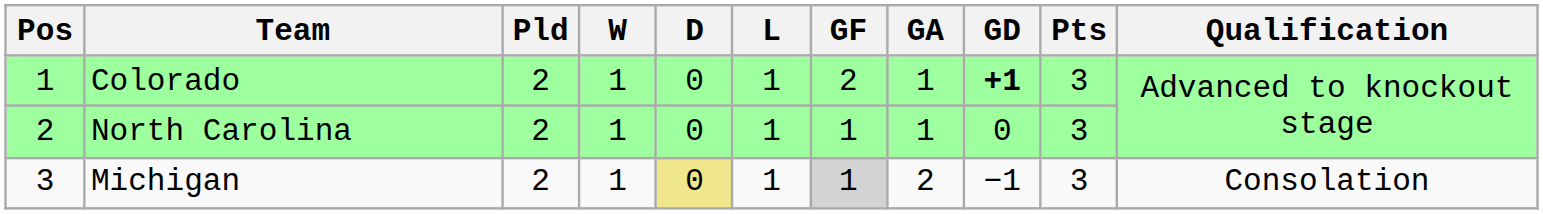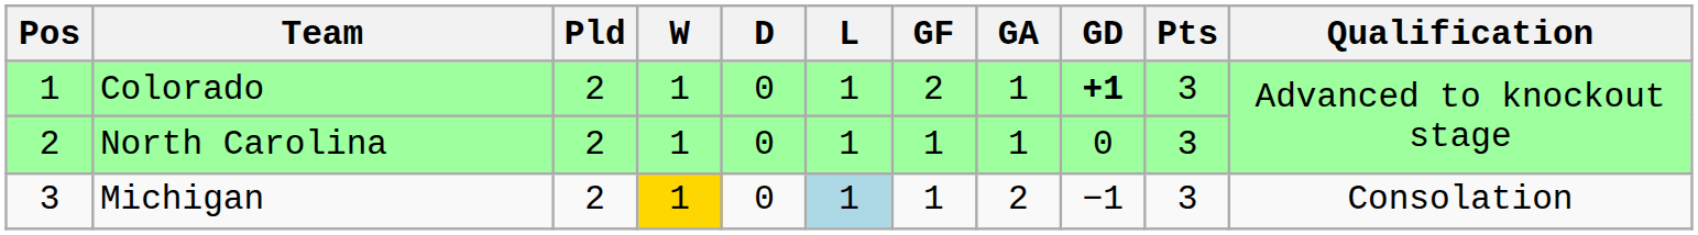 <table class="wikitable" style="text-align:center; margin: 1em auto">
 <tr>
 <th style="width:2em">Pos</th>
 <th style="width:13em">Team</th>
 <th style="width:2em">Pld</th>
 <th style="width:2em">W</th>
 <th style="width:2em">D</th>
 <th style="width:2em">L</th>
 <th style="width:2em">GF</th>
 <th style="width:2em">GA</th>
 <th style="width:2em">GD</th>
 <th style="width:2em">Pts</th>
 <th style="width:13em">Qualification</th>
 </tr>
 <tr bgcolor="#9eff9e">
 <td>1</td>
 <td style="text-align:left">Colorado</td>
 <td>2</td>
 <td>1</td>
 <td>0</td>
 <td>1</td>
 <td>2</td>
 <td>1</td>
 <td><strong>+1</strong></td>
 <td>3</td>
 <td rowspan="2">Advanced to knockout stage</td>
 </tr>
 <tr bgcolor="#9eff9e">
 <td>2</td>
 <td style="text-align:left">North Carolina</td>
 <td>2</td>
 <td>1</td>
 <td>0</td>
 <td>1</td>
 <td>1</td>
 <td>1</td>
 <td>0</td>
 <td>3</td>
 </tr>
 <tr>
 <td>3</td>
 <td style="text-align:left">Michigan</td>
 <td>2</td>
+<td style="background: gold;">1</td>
+<td>0</td>
+<td style="background: lightblue;">1</td>
 <td>1</td>
-<td style="background: khaki;">0</td>
-<td>1</td>
-<td style="background: lightgrey;">1</td>
 <td>2</td>
 <td>−1</td>
 <td>3</td>
 <td>Consolation</td>
 </tr>
 </table>
